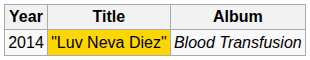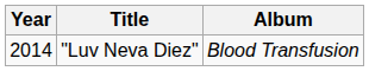 <table class="wikitable">
 <tr>
 <th>Year</th>
 <th>Title</th>
 <th>Album</th>
 </tr>
 <tr>
 <td rowspan="2">2014</td>
-<td style="background: gold;">"Luv Neva Diez"</td>
+<td>"Luv Neva Diez"</td>
 <td rowspan="2"><em>Blood Transfusion</em></td>
 </tr>
 </table>
